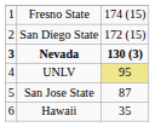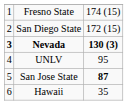 <table class="wikitable" style="display: inline-table;">
 <tr align="center">
 </tr>
 <tr align="center">
 <td>1</td>
 <td>Fresno State</td>
 <td>174 (15)</td>
 </tr>
 <tr align="center">
 <td>2</td>
 <td>San Diego State</td>
 <td>172 (15)</td>
 </tr>
 <tr align="center">
 <td><strong>3</strong></td>
 <td><strong>Nevada</strong></td>
 <td><strong>130 (3)</strong></td>
 </tr>
 <tr align="center">
 <td>4</td>
 <td>UNLV</td>
-<td style="background: khaki;">95</td>
+<td>95</td>
 </tr>
 <tr align="center">
 <td>5</td>
 <td>San Jose State</td>
-<td>87</td>
+<td><strong>87</strong></td>
 </tr>
 <tr align="center">
 <td>6</td>
 <td>Hawaii</td>
 <td>35</td>
 </tr>
 </table>
